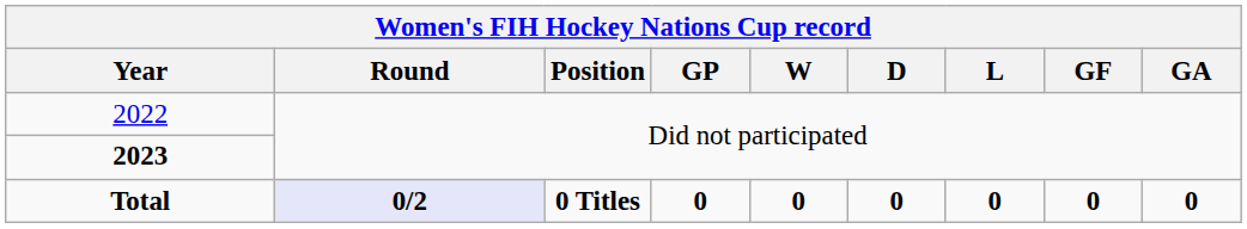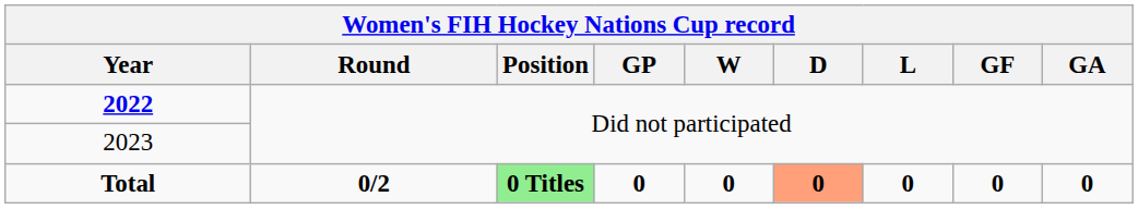 <table class="wikitable" style="text-align: center;">
 <tr>
 <th colspan=9><a href='#'>Women's FIH Hockey Nations Cup record</a></th>
 </tr>
 <tr>
 <th width=150>Year</th>
 <th width=150>Round</th>
 <th width=50>Position</th>
 <th width=50>GP</th>
 <th width=50>W</th>
 <th width=50>D</th>
 <th width=50>L</th>
 <th width=50>GF</th>
 <th width=50>GA</th>
 </tr>
 <tr>
-<td> <a href='#'>2022</a></td>
+<td><strong> <a href='#'>2022</a></strong></td>
 <td colspan=9  rowspan=2>Did not participated</td>
 </tr>
 <tr>
-<td><strong> 2023</strong></td>
+<td> 2023</td>
 </tr>
 <tr>
 <td><strong>Total</strong></td>
-<td style="background: lavender;"><strong>0/2</strong></td>
-<td><strong>0 Titles</strong></td>
+<td><strong>0/2</strong></td>
+<td style="background: lightgreen;"><strong>0 Titles</strong></td>
 <td><strong>0</strong></td>
 <td><strong>0</strong></td>
-<td><strong>0</strong></td>
+<td style="background: lightsalmon;"><strong>0</strong></td>
 <td><strong>0</strong></td>
 <td><strong>0</strong></td>
 <td><strong>0</strong></td>
 </tr>
 </table>
